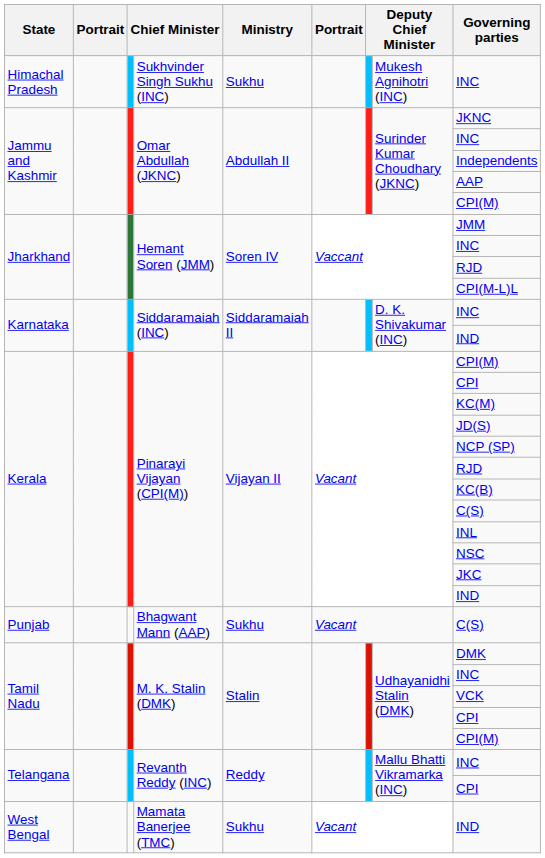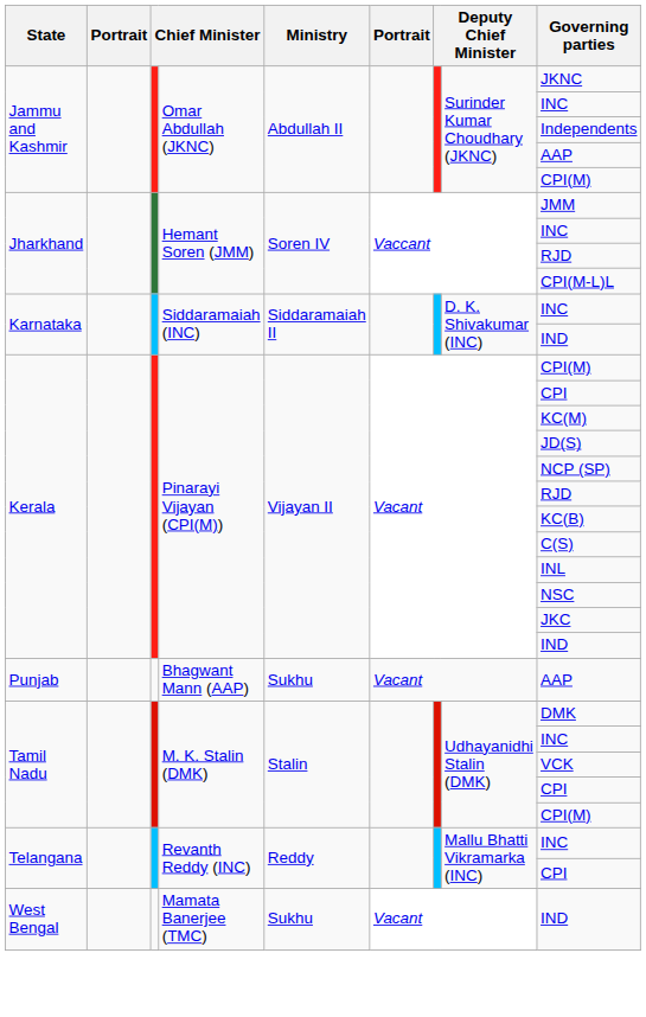 <table class="wikitable sortable">
 <tr>
 <th>State</th>
 <th>Portrait</th>
 <th colspan="2">Chief Minister</th>
 <th>Ministry</th>
 <th>Portrait</th>
 <th colspan="2">Deputy Chief Minister</th>
 <th>Governing parties</th>
-</tr>
-<tr>
-<td><a href='#'>Himachal Pradesh</a></td>
-<td></td>
-<td style="background:#00BFFF;"></td>
-<td><a href='#'>Sukhvinder Singh Sukhu</a> (<a href='#'>INC</a>)</td>
-<td><a href='#'>Sukhu</a></td>
-<td></td>
-<td style="background:#00BFFF;"></td>
-<td><a href='#'>Mukesh Agnihotri</a> (<a href='#'>INC</a>)</td>
-<td><a href='#'>INC</a></td>
 </tr>
 <tr>
 <td rowspan="5"><a href='#'>Jammu and Kashmir</a></td>
 <td rowspan="5"></td>
 <td rowspan="5" style="background:#FF1D15;"></td>
 <td rowspan="5"><a href='#'>Omar Abdullah</a> (<a href='#'>JKNC</a>)</td>
 <td rowspan="5"><a href='#'>Abdullah II</a></td>
 <td rowspan="5"></td>
 <td rowspan="5" style="background:#FF1D15;"></td>
 <td rowspan="5"><a href='#'>Surinder Kumar Choudhary</a> (<a href='#'>JKNC</a>)</td>
 <td><a href='#'>JKNC</a></td>
 </tr>
 <tr>
 <td><a href='#'>INC</a></td>
 </tr>
 <tr>
 <td><a href='#'>Independents</a></td>
 </tr>
 <tr>
 <td><a href='#'>AAP</a></td>
 </tr>
 <tr>
 <td><a href='#'>CPI(M)</a></td>
 </tr>
 <tr>
 <td rowspan="4"><a href='#'>Jharkhand</a></td>
 <td rowspan="4"></td>
 <td rowspan="4" style="background:#2E7539;"></td>
 <td rowspan="4"><a href='#'>Hemant Soren</a> (<a href='#'>JMM</a>)</td>
 <td rowspan="4"><a href='#'>Soren IV</a></td>
 <td colspan="3" rowspan="4" style="background:#FFFFFF;"><em><a href='#'>Vaccant</a></em></td>
 <td><a href='#'>JMM</a></td>
 </tr>
 <tr>
 <td><a href='#'>INC</a></td>
 </tr>
 <tr>
 <td><a href='#'>RJD</a></td>
 </tr>
 <tr>
 <td><a href='#'>CPI(M-L)L</a></td>
 </tr>
 <tr>
 <td rowspan="2"><a href='#'>Karnataka</a></td>
 <td rowspan="2"></td>
 <td rowspan="2" style="background:#00BFFF;"></td>
 <td rowspan="2"><a href='#'>Siddaramaiah</a> (<a href='#'>INC</a>)</td>
 <td rowspan="2"><a href='#'>Siddaramaiah II</a></td>
 <td rowspan="2"></td>
 <td rowspan="2" style="background:#00BFFF;"></td>
 <td rowspan="2"><a href='#'>D. K. Shivakumar</a> (<a href='#'>INC</a>)</td>
 <td><a href='#'>INC</a></td>
 </tr>
 <tr>
 <td><a href='#'>IND</a></td>
 </tr>
 <tr>
 <td rowspan="12"><a href='#'>Kerala</a></td>
 <td rowspan="12"></td>
 <td rowspan="12" style="background:#FF1D15;"></td>
 <td rowspan="12"><a href='#'>Pinarayi Vijayan</a> (<a href='#'>CPI(M)</a>)</td>
 <td rowspan="12"><a href='#'>Vijayan II</a></td>
 <td colspan="3" rowspan="12" style="background:#FFFFFF;"><em><a href='#'>Vacant</a></em></td>
 <td><a href='#'>CPI(M)</a></td>
 </tr>
 <tr>
 <td><a href='#'>CPI</a></td>
 </tr>
 <tr>
 <td><a href='#'>KC(M)</a></td>
 </tr>
 <tr>
 <td><a href='#'>JD(S)</a></td>
 </tr>
 <tr>
 <td><a href='#'>NCP (SP)</a></td>
 </tr>
 <tr>
 <td><a href='#'>RJD</a></td>
 </tr>
 <tr>
 <td><a href='#'>KC(B)</a></td>
 </tr>
 <tr>
 <td><a href='#'>C(S)</a></td>
 </tr>
 <tr>
 <td><a href='#'>INL</a></td>
 </tr>
 <tr>
 <td><a href='#'>NSC</a></td>
 </tr>
 <tr>
 <td><a href='#'>JKC</a></td>
 </tr>
 <tr>
 <td><a href='#'>IND</a></td>
 </tr>
 <tr>
 <td><a href='#'>Punjab</a></td>
 <td></td>
 <td></td>
 <td><a href='#'>Bhagwant Mann</a> (<a href='#'>AAP</a>)</td>
 <td><a href='#'>Sukhu</a></td>
 <td colspan="3"><a href='#'><em>Vacant</em></a></td>
-<td><a href='#'>C(S)</a></td>
+<td><a href='#'>AAP</a></td>
 </tr>
 <tr>
 <td rowspan="5"><a href='#'>Tamil Nadu</a></td>
 <td rowspan="5"></td>
 <td rowspan="5" style="background:#DD1100;"></td>
 <td rowspan="5"><a href='#'>M. K. Stalin</a> (<a href='#'>DMK</a>)</td>
 <td rowspan="5"><a href='#'>Stalin</a></td>
 <td rowspan="5"></td>
 <td rowspan="5" style="background:#DD1100;"></td>
 <td rowspan="5"><a href='#'>Udhayanidhi Stalin</a> (<a href='#'>DMK</a>)</td>
 <td><a href='#'>DMK</a></td>
 </tr>
 <tr>
 <td><a href='#'>INC</a></td>
 </tr>
 <tr>
 <td><a href='#'>VCK</a></td>
 </tr>
 <tr>
 <td><a href='#'>CPI</a></td>
 </tr>
 <tr>
 <td><a href='#'>CPI(M)</a></td>
 </tr>
 <tr>
 <td rowspan="2"><a href='#'>Telangana</a></td>
 <td rowspan="2"></td>
 <td rowspan="2" style="background:#00BFFF;"></td>
 <td rowspan="2"><a href='#'>Revanth Reddy</a> (<a href='#'>INC</a>)</td>
 <td rowspan="2"><a href='#'>Reddy</a></td>
 <td rowspan="2"></td>
 <td rowspan="2" style="background:#00BFFF;"></td>
 <td rowspan="2"><a href='#'>Mallu Bhatti Vikramarka</a> (<a href='#'>INC</a>)</td>
 <td><a href='#'>INC</a></td>
 </tr>
 <tr>
 <td><a href='#'>CPI</a></td>
 </tr>
 <tr>
 <td><a href='#'>West Bengal</a></td>
 <td></td>
 <td></td>
 <td><a href='#'>Mamata Banerjee</a> (<a href='#'>TMC</a>)</td>
 <td><a href='#'>Sukhu</a></td>
 <td colspan="3" style="background:#FFFFFF;"><em><a href='#'>Vacant</a></em></td>
 <td><a href='#'>IND</a></td>
 </tr>
 </table>
